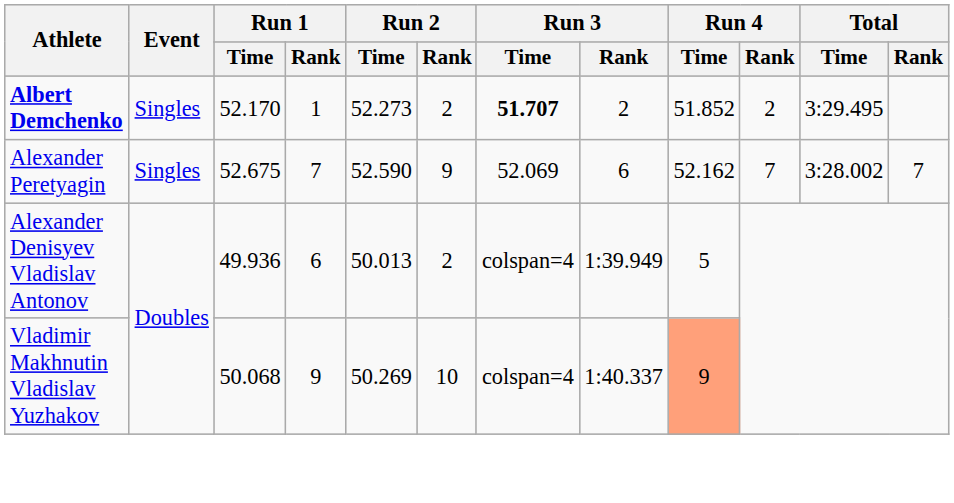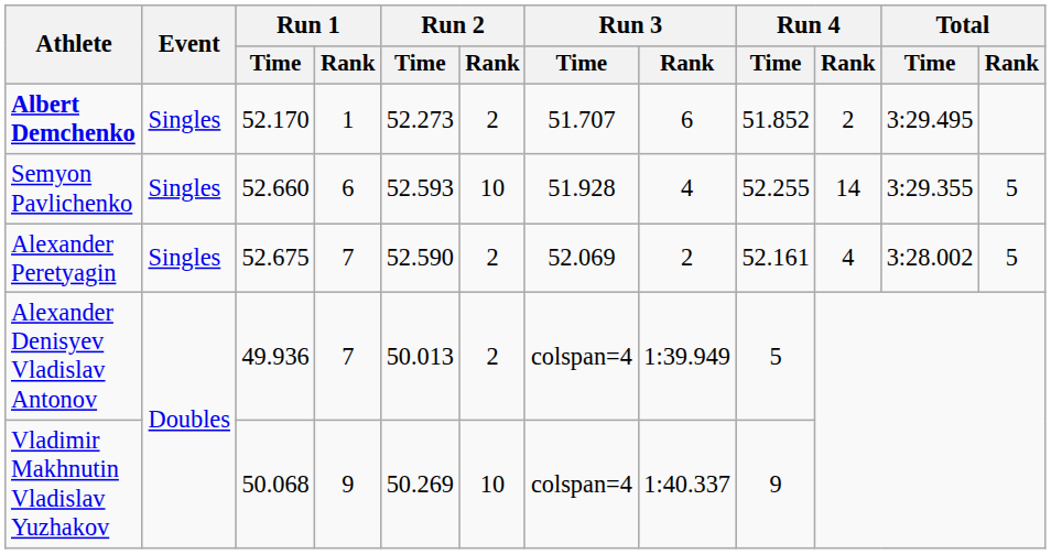 <table class="wikitable" style="font-size:90%">
 <tr>
 <th rowspan="2">Athlete</th>
 <th rowspan="2">Event</th>
 <th colspan=2>Run 1</th>
 <th colspan=2>Run 2</th>
 <th colspan=2>Run 3</th>
 <th colspan=2>Run 4</th>
 <th colspan=2>Total</th>
 </tr>
 <tr style="font-size:95%">
 <th>Time</th>
 <th>Rank</th>
 <th>Time</th>
 <th>Rank</th>
 <th>Time</th>
 <th>Rank</th>
 <th>Time</th>
 <th>Rank</th>
 <th>Time</th>
 <th>Rank</th>
 </tr>
 <tr align=center>
 <td align=left><strong><a href='#'>Albert Demchenko</a></strong></td>
 <td align=left><a href='#'>Singles</a></td>
 <td>52.170</td>
 <td>1</td>
 <td>52.273</td>
 <td>2</td>
-<td><strong>51.707</strong></td>
-<td>2</td>
+<td>51.707</td>
+<td>6</td>
 <td>51.852</td>
 <td>2</td>
 <td>3:29.495</td>
 <td></td>
+</tr>
+<tr align=center>
+<td align=left><a href='#'>Semyon Pavlichenko</a></td>
+<td align=left><a href='#'>Singles</a></td>
+<td>52.660</td>
+<td>6</td>
+<td>52.593</td>
+<td>10</td>
+<td>51.928</td>
+<td>4</td>
+<td>52.255</td>
+<td>14</td>
+<td>3:29.355</td>
+<td>5</td>
 </tr>
 <tr align=center>
 <td align=left><a href='#'>Alexander Peretyagin</a></td>
 <td align=left><a href='#'>Singles</a></td>
 <td>52.675</td>
 <td>7</td>
 <td>52.590</td>
-<td>9</td>
+<td>2</td>
 <td>52.069</td>
-<td>6</td>
-<td>52.162</td>
-<td>7</td>
+<td>2</td>
+<td>52.161</td>
+<td>4</td>
 <td>3:28.002</td>
-<td>7</td>
+<td>5</td>
 </tr>
 <tr align=center>
 <td align=left><a href='#'>Alexander Denisyev</a><br><a href='#'>Vladislav Antonov</a></td>
 <td align=left rowspan=2><a href='#'>Doubles</a></td>
 <td>49.936</td>
-<td>6</td>
+<td>7</td>
 <td>50.013</td>
 <td>2</td>
 <td>colspan=4 </td>
 <td>1:39.949</td>
 <td>5</td>
 </tr>
 <tr align=center>
 <td align=left><a href='#'>Vladimir Makhnutin</a><br><a href='#'>Vladislav Yuzhakov</a></td>
 <td>50.068</td>
 <td>9</td>
 <td>50.269</td>
 <td>10</td>
 <td>colspan=4 </td>
 <td>1:40.337</td>
-<td style="background: lightsalmon;">9</td>
+<td>9</td>
 </tr>
 </table>
